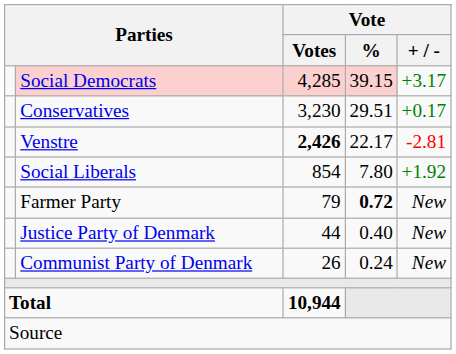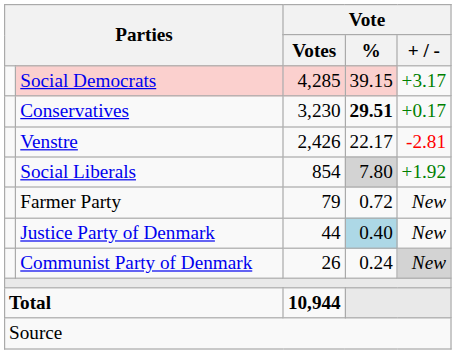 <table class="wikitable" style="text-align:right;">
 <tr>
 <th style="text-align:centre;" rowspan="2" colspan="2" width="225">Parties</th>
 <th colspan="3">Vote</th>
 </tr>
 <tr>
 <th width="15">Votes</th>
 <th width="15">%</th>
 <th width="15">+ / -</th>
 </tr>
 <tr>
 <td width="2" style="color:inherit;background:"></td>
 <td bgcolor=#fbd0ce  align="left"><a href='#'>Social Democrats</a></td>
 <td bgcolor=#fbd0ce>4,285</td>
 <td bgcolor=#fbd0ce>39.15</td>
 <td style=color:green;>+3.17</td>
 </tr>
 <tr>
 <td width="2" style="color:inherit;background:"></td>
 <td align="left"><a href='#'>Conservatives</a></td>
 <td>3,230</td>
-<td>29.51</td>
+<td><strong>29.51</strong></td>
 <td style=color:green;>+0.17</td>
 </tr>
 <tr>
 <td width="2" style="color:inherit;background:"></td>
 <td align="left"><a href='#'>Venstre</a></td>
-<td><strong>2,426</strong></td>
+<td>2,426</td>
 <td>22.17</td>
 <td style=color:red;>-2.81</td>
 </tr>
 <tr>
 <td width="2" style="color:inherit;background:"></td>
 <td align="left"><a href='#'>Social Liberals</a></td>
 <td>854</td>
-<td>7.80</td>
+<td style="background: lightgrey;">7.80</td>
 <td style=color:green;>+1.92</td>
 </tr>
 <tr>
 <td width="2" style="color:inherit;background:"></td>
 <td align="left">Farmer Party</td>
 <td>79</td>
-<td><strong>0.72</strong></td>
+<td>0.72</td>
 <td><em>New</em></td>
 </tr>
 <tr>
 <td width="2" style="color:inherit;background:"></td>
 <td align="left"><a href='#'>Justice Party of Denmark</a></td>
 <td>44</td>
-<td>0.40</td>
+<td style="background: lightblue;">0.40</td>
 <td><em>New</em></td>
 </tr>
 <tr>
 <td width="2" style="color:inherit;background:"></td>
 <td align="left"><a href='#'>Communist Party of Denmark</a></td>
 <td>26</td>
 <td>0.24</td>
-<td><em>New</em></td>
+<td style="background: lightgrey;"><em>New</em></td>
 </tr>
 <tr>
 <td colspan="7" bgcolor="#E9E9E9"></td>
 </tr>
 <tr>
 <td align="left" colspan="2"><strong>Total</strong></td>
 <td><strong>10,944</strong></td>
 <td bgcolor="#E9E9E9" colspan="2"></td>
 </tr>
 <tr>
 <td align="left" colspan="6">Source</td>
 </tr>
 </table>
